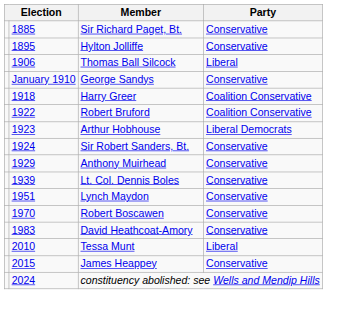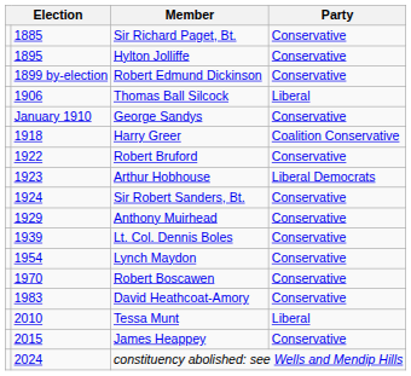 <table class="wikitable">
 <tr>
 <th colspan="2">Election</th>
 <th>Member</th>
 <th>Party</th>
 </tr>
 <tr>
 <td style="color:inherit;background-color: "></td>
 <td><a href='#'>1885</a></td>
 <td><a href='#'>Sir Richard Paget, Bt.</a></td>
 <td><a href='#'>Conservative</a></td>
 </tr>
 <tr>
 <td style="color:inherit;background-color: "></td>
 <td><a href='#'>1895</a></td>
 <td><a href='#'>Hylton Jolliffe</a></td>
+<td><a href='#'>Conservative</a></td>
+</tr>
+<tr>
+<td style="color:inherit;background-color: "></td>
+<td><a href='#'>1899 by-election</a></td>
+<td><a href='#'>Robert Edmund Dickinson</a></td>
 <td><a href='#'>Conservative</a></td>
 </tr>
 <tr>
 <td style="color:inherit;background-color: "></td>
 <td><a href='#'>1906</a></td>
 <td><a href='#'>Thomas Ball Silcock</a></td>
 <td><a href='#'>Liberal</a></td>
 </tr>
 <tr>
 <td style="color:inherit;background-color: "></td>
 <td><a href='#'>January 1910</a></td>
 <td><a href='#'>George Sandys</a></td>
 <td><a href='#'>Conservative</a></td>
 </tr>
 <tr>
 <td style="color:inherit;background-color: "></td>
 <td><a href='#'>1918</a></td>
 <td><a href='#'>Harry Greer</a></td>
 <td><a href='#'>Coalition Conservative</a></td>
 </tr>
 <tr>
 <td style="color:inherit;background-color: "></td>
 <td><a href='#'>1922</a></td>
 <td><a href='#'>Robert Bruford</a></td>
-<td><a href='#'>Coalition Conservative</a></td>
+<td><a href='#'>Conservative</a></td>
 </tr>
 <tr>
 <td style="color:inherit;background-color: "></td>
 <td><a href='#'>1923</a></td>
 <td><a href='#'>Arthur Hobhouse</a></td>
 <td><a href='#'>Liberal Democrats</a></td>
 </tr>
 <tr>
 <td style="color:inherit;background-color: "></td>
 <td><a href='#'>1924</a></td>
 <td><a href='#'>Sir Robert Sanders, Bt.</a></td>
 <td><a href='#'>Conservative</a></td>
 </tr>
 <tr>
 <td style="color:inherit;background-color: "></td>
 <td><a href='#'>1929</a></td>
 <td><a href='#'>Anthony Muirhead</a></td>
 <td><a href='#'>Conservative</a></td>
 </tr>
 <tr>
 <td style="color:inherit;background-color: "></td>
 <td><a href='#'>1939</a></td>
 <td><a href='#'>Lt. Col. Dennis Boles</a></td>
 <td><a href='#'>Conservative</a></td>
 </tr>
 <tr>
 <td style="color:inherit;background-color: "></td>
-<td><a href='#'>1951</a></td>
+<td><a href='#'>1954</a></td>
 <td><a href='#'>Lynch Maydon</a></td>
 <td><a href='#'>Conservative</a></td>
 </tr>
 <tr>
 <td style="color:inherit;background-color: "></td>
 <td><a href='#'>1970</a></td>
 <td><a href='#'>Robert Boscawen</a></td>
 <td><a href='#'>Conservative</a></td>
 </tr>
 <tr>
 <td style="color:inherit;background-color: "></td>
 <td><a href='#'>1983</a></td>
 <td><a href='#'>David Heathcoat-Amory</a></td>
 <td><a href='#'>Conservative</a></td>
 </tr>
 <tr>
 <td style="color:inherit;background-color: "></td>
 <td><a href='#'>2010</a></td>
 <td><a href='#'>Tessa Munt</a></td>
 <td><a href='#'>Liberal</a></td>
 </tr>
 <tr>
 <td style="color:inherit;background-color: "></td>
 <td><a href='#'>2015</a></td>
 <td><a href='#'>James Heappey</a></td>
 <td><a href='#'>Conservative</a></td>
 </tr>
 <tr>
 <td></td>
 <td><a href='#'>2024</a></td>
 <td colspan="2"><em>constituency abolished: see <a href='#'>Wells and Mendip Hills</a></em></td>
 </tr>
 </table>
